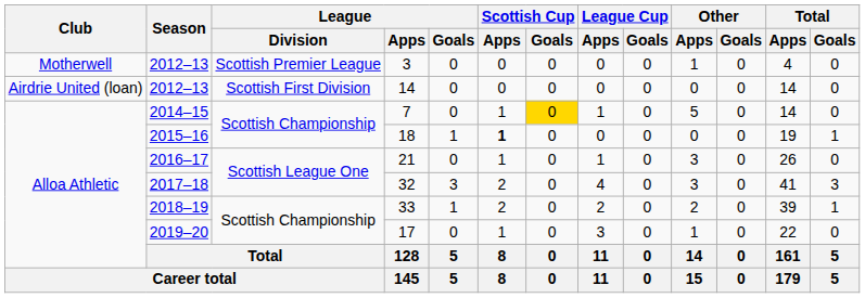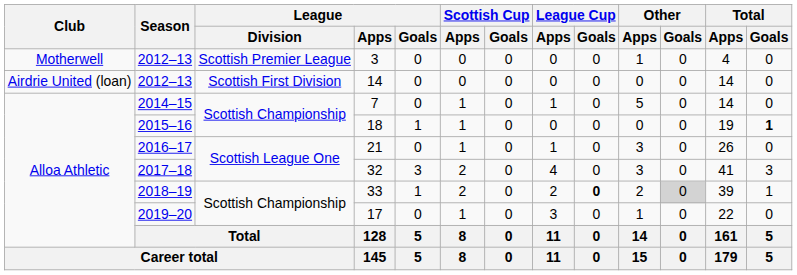 <table class="wikitable" style="text-align:center">
 <tr>
 <th rowspan=2>Club</th>
 <th rowspan=2>Season</th>
 <th colspan=3>League</th>
 <th colspan=2><a href='#'>Scottish Cup</a></th>
 <th colspan=2><a href='#'>League Cup</a></th>
 <th colspan=2>Other</th>
 <th colspan=2>Total</th>
 </tr>
 <tr>
 <th>Division</th>
 <th>Apps</th>
 <th>Goals</th>
 <th>Apps</th>
 <th>Goals</th>
 <th>Apps</th>
 <th>Goals</th>
 <th>Apps</th>
 <th>Goals</th>
 <th>Apps</th>
 <th>Goals</th>
 </tr>
 <tr>
 <td><a href='#'>Motherwell</a></td>
 <td><a href='#'>2012–13</a></td>
 <td><a href='#'>Scottish Premier League</a></td>
 <td>3</td>
 <td>0</td>
 <td>0</td>
 <td>0</td>
 <td>0</td>
 <td>0</td>
 <td>1</td>
 <td>0</td>
 <td>4</td>
 <td>0</td>
 </tr>
 <tr>
 <td><a href='#'>Airdrie United</a> (loan)</td>
 <td><a href='#'>2012–13</a></td>
 <td><a href='#'>Scottish First Division</a></td>
 <td>14</td>
 <td>0</td>
 <td>0</td>
 <td>0</td>
 <td>0</td>
 <td>0</td>
 <td>0</td>
 <td>0</td>
 <td>14</td>
 <td>0</td>
 </tr>
 <tr>
 <td rowspan="7"><a href='#'>Alloa Athletic</a></td>
 <td><a href='#'>2014–15</a></td>
 <td rowspan="2"><a href='#'>Scottish Championship</a></td>
 <td>7</td>
 <td>0</td>
 <td>1</td>
-<td style="background: gold;">0</td>
+<td>0</td>
 <td>1</td>
 <td>0</td>
 <td>5</td>
 <td>0</td>
 <td>14</td>
 <td>0</td>
 </tr>
 <tr>
 <td><a href='#'>2015–16</a></td>
 <td>18</td>
 <td>1</td>
-<td><strong>1</strong></td>
+<td>1</td>
 <td>0</td>
 <td>0</td>
 <td>0</td>
 <td>0</td>
 <td>0</td>
 <td>19</td>
-<td>1</td>
+<td><strong>1</strong></td>
 </tr>
 <tr>
 <td><a href='#'>2016–17</a></td>
 <td rowspan="2"><a href='#'>Scottish League One</a></td>
 <td>21</td>
 <td>0</td>
 <td>1</td>
 <td>0</td>
 <td>1</td>
 <td>0</td>
 <td>3</td>
 <td>0</td>
 <td>26</td>
 <td>0</td>
 </tr>
 <tr>
 <td><a href='#'>2017–18</a></td>
 <td>32</td>
 <td>3</td>
 <td>2</td>
 <td>0</td>
 <td>4</td>
 <td>0</td>
 <td>3</td>
 <td>0</td>
 <td>41</td>
 <td>3</td>
 </tr>
 <tr>
 <td><a href='#'>2018–19</a></td>
 <td rowspan=2>Scottish Championship</td>
 <td>33</td>
 <td>1</td>
 <td>2</td>
 <td>0</td>
 <td>2</td>
-<td>0</td>
+<td><strong>0</strong></td>
 <td>2</td>
-<td>0</td>
+<td style="background: lightgrey;">0</td>
 <td>39</td>
 <td>1</td>
 </tr>
 <tr>
 <td><a href='#'>2019–20</a></td>
 <td>17</td>
 <td>0</td>
 <td>1</td>
 <td>0</td>
 <td>3</td>
 <td>0</td>
 <td>1</td>
 <td>0</td>
 <td>22</td>
 <td>0</td>
 </tr>
 <tr>
 <th colspan="2">Total</th>
 <th>128</th>
 <th>5</th>
 <th>8</th>
 <th>0</th>
 <th>11</th>
 <th>0</th>
 <th>14</th>
 <th>0</th>
 <th>161</th>
 <th>5</th>
 </tr>
 <tr>
 <th colspan="3">Career total</th>
 <th>145</th>
 <th>5</th>
 <th>8</th>
 <th>0</th>
 <th>11</th>
 <th>0</th>
 <th>15</th>
 <th>0</th>
 <th>179</th>
 <th>5</th>
 </tr>
 </table>
